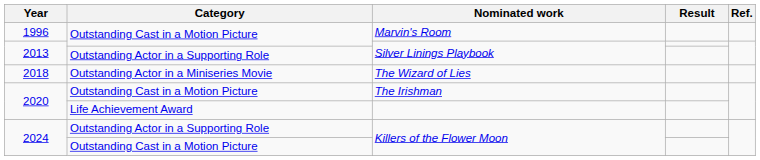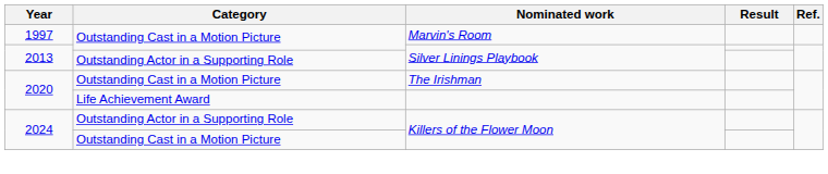 <table class=wikitable>
 <tr>
 <th scope="col" style="width:5em;">Year</th>
 <th scope="col" style="width:26em;">Category</th>
 <th scope="col" style="width:25em;">Nominated work</th>
 <th scope="col" style="width:5em;">Result</th>
 <th>Ref.</th>
 </tr>
 <tr>
-<td style="text-align:center;"><a href='#'>1996</a></td>
+<td style="text-align:center;"><a href='#'>1997</a></td>
 <td rowspan=2><a href='#'>Outstanding Cast in a Motion Picture</a></td>
 <td><em><a href='#'>Marvin's Room</a></em></td>
 <td></td>
 <td style="text-align:center;"></td>
 </tr>
 <tr>
 <td style="text-align:center;", rowspan="2"><a href='#'>2013</a></td>
 <td rowspan="2"><em><a href='#'>Silver Linings Playbook</a></em></td>
 <td></td>
 <td style="text-align:center;" rowspan="2"></td>
 </tr>
 <tr>
 <td><a href='#'>Outstanding Actor in a Supporting Role</a></td>
 <td></td>
-</tr>
-<tr>
-<td style="text-align:center;"><a href='#'>2018</a></td>
-<td><a href='#'>Outstanding Actor in a Miniseries Movie</a></td>
-<td><em><a href='#'>The Wizard of Lies</a></em></td>
-<td></td>
-<td style="text-align:center;"></td>
 </tr>
 <tr>
 <td style="text-align:center;", rowspan=2><a href='#'>2020</a></td>
 <td><a href='#'>Outstanding Cast in a Motion Picture</a></td>
 <td><em><a href='#'>The Irishman</a></em></td>
 <td></td>
 <td rowspan=2 align=center></td>
 </tr>
 <tr>
 <td><a href='#'>Life Achievement Award</a></td>
 <td></td>
 <td></td>
 </tr>
 <tr>
 <td style="text-align:center;", rowspan=2><a href='#'>2024</a></td>
 <td><a href='#'>Outstanding Actor in a Supporting Role</a></td>
 <td rowspan="2"><em><a href='#'>Killers of the Flower Moon</a></em></td>
 <td></td>
 <td align="center" rowspan="2"></td>
 </tr>
 <tr>
 <td><a href='#'>Outstanding Cast in a Motion Picture</a></td>
 <td></td>
 </tr>
 </table>
